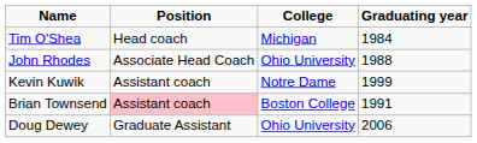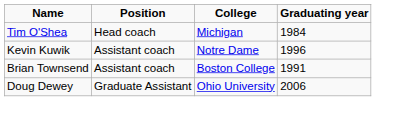 <table class="wikitable">
 <tr>
 <td align=center><span> <strong>Name</strong></span></td>
 <td align=center><span> <strong>Position</strong></span></td>
 <td align=center><span> <strong>College</strong></span></td>
 <td align=center><span> <strong>Graduating year</strong></span></td>
 </tr>
 <tr>
 <td><a href='#'>Tim O'Shea</a></td>
 <td>Head coach</td>
 <td><a href='#'>Michigan</a></td>
 <td>1984</td>
 </tr>
 <tr>
-<td><a href='#'>John Rhodes</a></td>
-<td>Associate Head Coach</td>
-<td><a href='#'>Ohio University</a></td>
-<td>1988</td>
-</tr>
-<tr>
 <td>Kevin Kuwik</td>
 <td>Assistant coach</td>
 <td><a href='#'>Notre Dame</a></td>
-<td>1999</td>
+<td>1996</td>
 </tr>
 <tr>
 <td>Brian Townsend</td>
-<td style="background: pink;">Assistant coach</td>
+<td>Assistant coach</td>
 <td><a href='#'>Boston College</a></td>
 <td>1991</td>
 </tr>
 <tr>
 <td>Doug Dewey</td>
 <td>Graduate Assistant</td>
 <td><a href='#'>Ohio University</a></td>
 <td>2006</td>
 </tr>
 </table>
